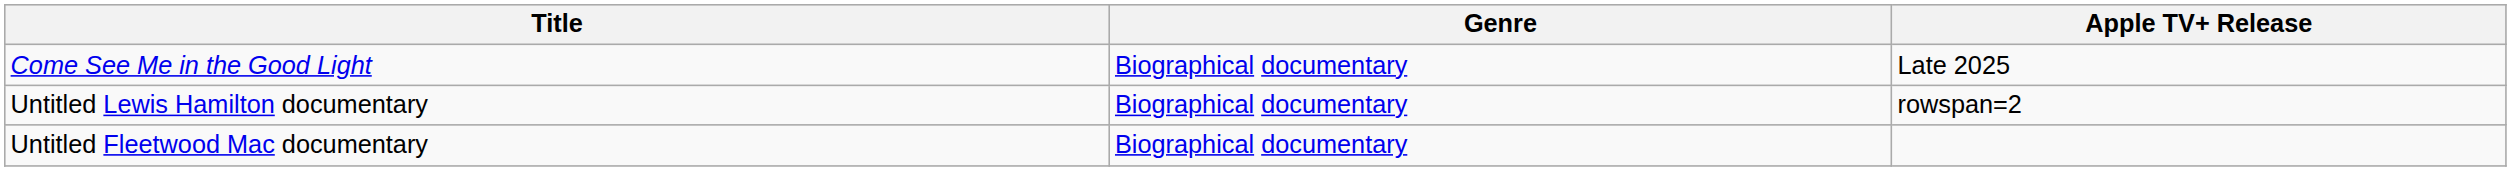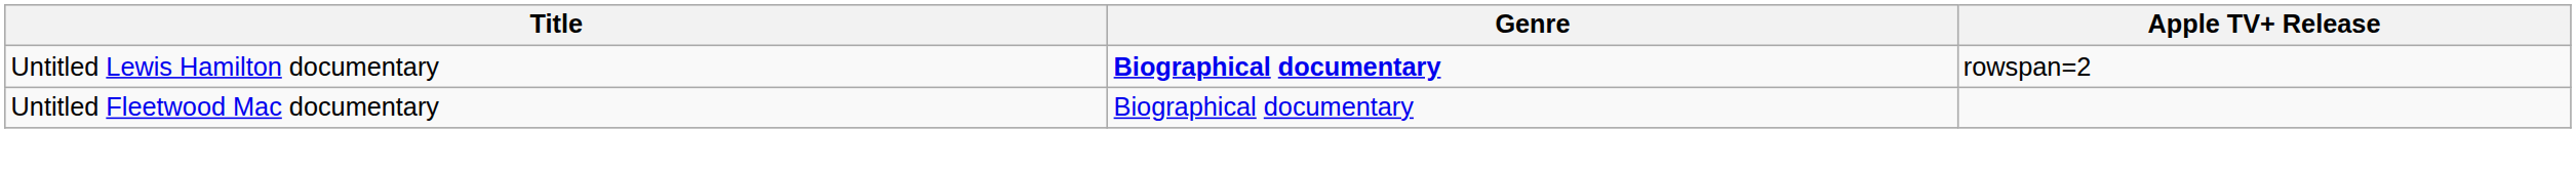 <table class="wikitable sortable" style="width:100%">
 <tr>
 <th>Title</th>
 <th>Genre</th>
 <th>Apple TV+ Release</th>
 </tr>
 <tr>
-<td><em><a href='#'>Come See Me in the Good Light</a></em></td>
-<td><a href='#'>Biographical</a> <a href='#'>documentary</a></td>
-<td>Late 2025</td>
-</tr>
-<tr>
 <td>Untitled <a href='#'>Lewis Hamilton</a> documentary</td>
-<td><a href='#'>Biographical</a> <a href='#'>documentary</a></td>
+<td><strong><a href='#'>Biographical</a> <a href='#'>documentary</a></strong></td>
 <td>rowspan=2 </td>
 </tr>
 <tr>
 <td>Untitled <a href='#'>Fleetwood Mac</a> documentary</td>
 <td><a href='#'>Biographical</a> <a href='#'>documentary</a></td>
 </tr>
 </table>
